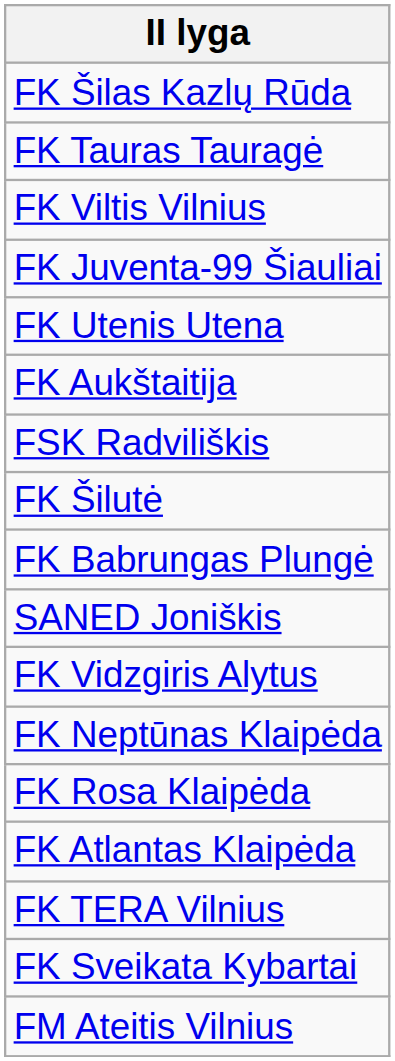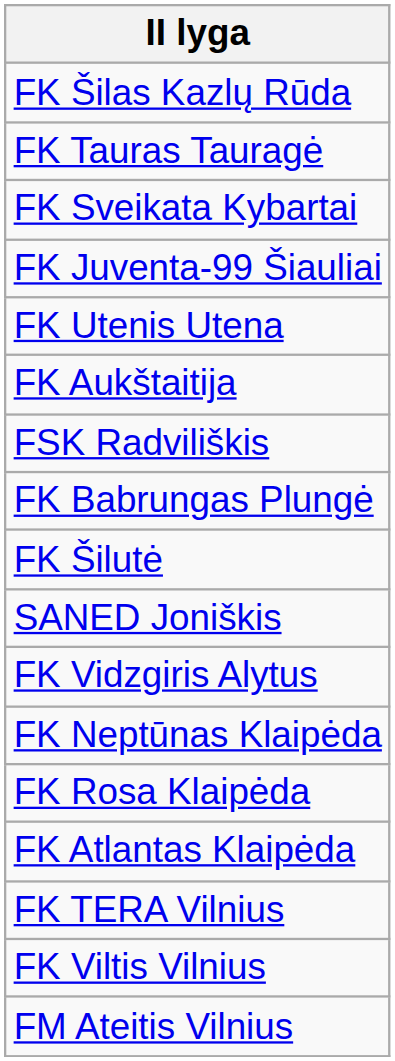 <table class="wikitable">
 <tr>
 <th>II lyga</th>
 </tr>
 <tr>
 <td><a href='#'>FK Šilas Kazlų Rūda</a></td>
 </tr>
 <tr>
 <td><a href='#'>FK Tauras Tauragė</a></td>
 </tr>
 <tr>
-<td><a href='#'>FK Viltis Vilnius</a></td>
+<td><a href='#'>FK Sveikata Kybartai</a></td>
 </tr>
 <tr>
 <td><a href='#'>FK Juventa-99 Šiauliai</a></td>
 </tr>
 <tr>
 <td><a href='#'>FK Utenis Utena</a></td>
 </tr>
 <tr>
 <td><a href='#'>FK Aukštaitija</a></td>
 </tr>
 <tr>
 <td><a href='#'>FSK Radviliškis</a></td>
 </tr>
 <tr>
-<td><a href='#'>FK Šilutė</a></td>
+<td><a href='#'>FK Babrungas Plungė</a></td>
 </tr>
 <tr>
-<td><a href='#'>FK Babrungas Plungė</a></td>
+<td><a href='#'>FK Šilutė</a></td>
 </tr>
 <tr>
 <td><a href='#'>SANED Joniškis</a></td>
 </tr>
 <tr>
 <td><a href='#'>FK Vidzgiris Alytus</a></td>
 </tr>
 <tr>
 <td><a href='#'>FK Neptūnas Klaipėda</a></td>
 </tr>
 <tr>
 <td><a href='#'>FK Rosa Klaipėda</a></td>
 </tr>
 <tr>
 <td><a href='#'>FK Atlantas Klaipėda</a></td>
 </tr>
 <tr>
 <td><a href='#'>FK TERA Vilnius</a></td>
 </tr>
 <tr>
-<td><a href='#'>FK Sveikata Kybartai</a></td>
+<td><a href='#'>FK Viltis Vilnius</a></td>
 </tr>
 <tr>
 <td><a href='#'>FM Ateitis Vilnius</a></td>
 </tr>
 </table>
